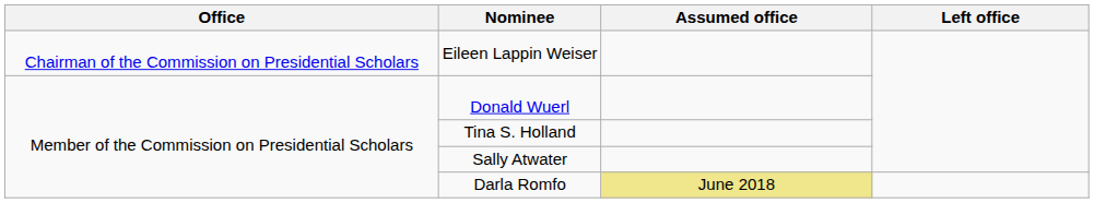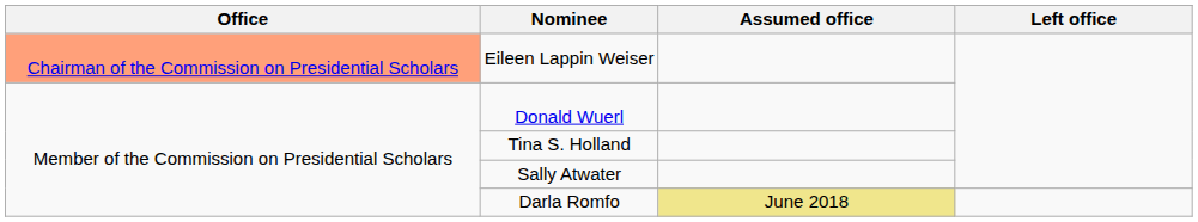 <table class="wikitable sortable" style="text-align:center">
 <tr>
 <th style="width:40%;">Office</th>
 <th style="width:15%;">Nominee</th>
 <th style="width:25%;" data-sort- type="date">Assumed office</th>
 <th style="width:20%;" data-sort- type="date">Left office</th>
 </tr>
 <tr>
-<td><br><a href='#'>Chairman of the Commission on Presidential Scholars</a></td>
+<td style="background: lightsalmon;"><br><a href='#'>Chairman of the Commission on Presidential Scholars</a></td>
 <td>Eileen Lappin Weiser</td>
 <td></td>
 </tr>
 <tr>
 <td rowspan="4"><br>Member of the Commission on Presidential Scholars</td>
 <td><br><a href='#'>Donald Wuerl</a></td>
 <td></td>
 </tr>
 <tr>
 <td>Tina S. Holland</td>
 <td></td>
 </tr>
 <tr>
 <td>Sally Atwater</td>
 <td></td>
 </tr>
 <tr>
 <td>Darla Romfo</td>
 <td style="background: khaki;">June 2018</td>
 <td></td>
 </tr>
 </table>
